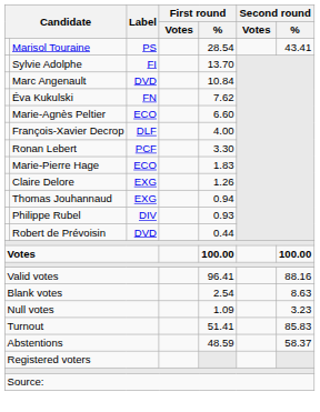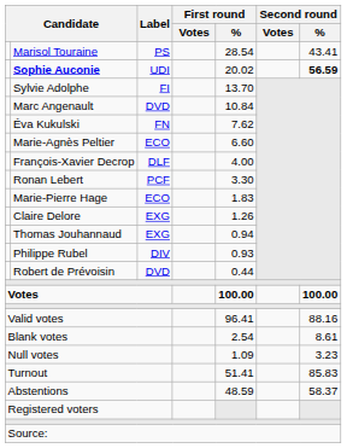 <table class="wikitable" style="text-align:right;font-size:95%;">
 <tr>
 <th rowspan="2" colspan="2">Candidate</th>
 <th rowspan="2">Label</th>
 <th colspan="2">First round</th>
 <th colspan="2">Second round</th>
 </tr>
 <tr>
 <th style="width:50px;">Votes</th>
 <th style="width:45px;">%</th>
 <th style="width:50px;">Votes</th>
 <th style="width:45px;">%</th>
 </tr>
 <tr>
 <td style="color:inherit;background:"></td>
 <td style="text-align:left;"><a href='#'>Marisol Touraine</a></td>
 <td><a href='#'>PS</a></td>
 <td></td>
 <td>28.54</td>
 <td></td>
 <td>43.41</td>
+</tr>
+<tr>
+<td style="color:inherit;background:"></td>
+<td style="text-align:left;"><strong><a href='#'>Sophie Auconie</a></strong></td>
+<td><a href='#'>UDI</a></td>
+<td></td>
+<td>20.02</td>
+<td><strong></strong></td>
+<td><strong>56.59</strong></td>
 </tr>
 <tr>
 <td style="color:inherit;background:"></td>
 <td style="text-align:left;">Sylvie Adolphe</td>
 <td><a href='#'>FI</a></td>
 <td></td>
 <td>13.70</td>
 <td colspan="2" rowspan="11" style="background:#E9E9E9;"></td>
 </tr>
 <tr>
 <td style="color:inherit;background:"></td>
 <td style="text-align:left;">Marc Angenault</td>
 <td><a href='#'>DVD</a></td>
 <td></td>
 <td>10.84</td>
 </tr>
 <tr>
 <td style="color:inherit;background:"></td>
 <td style="text-align:left;">Éva Kukulski</td>
 <td><a href='#'>FN</a></td>
 <td></td>
 <td>7.62</td>
 </tr>
 <tr>
 <td style="color:inherit;background:"></td>
 <td style="text-align:left;">Marie-Agnès Peltier</td>
 <td><a href='#'>ECO</a></td>
 <td></td>
 <td>6.60</td>
 </tr>
 <tr>
 <td style="color:inherit;background:"></td>
 <td style="text-align:left;">François-Xavier Decrop</td>
 <td><a href='#'>DLF</a></td>
 <td></td>
 <td>4.00</td>
 </tr>
 <tr>
 <td style="color:inherit;background:"></td>
 <td style="text-align:left;">Ronan Lebert</td>
 <td><a href='#'>PCF</a></td>
 <td></td>
 <td>3.30</td>
 </tr>
 <tr>
 <td style="color:inherit;background:"></td>
 <td style="text-align:left;">Marie-Pierre Hage</td>
 <td><a href='#'>ECO</a></td>
 <td></td>
 <td>1.83</td>
 </tr>
 <tr>
 <td style="color:inherit;background:"></td>
 <td style="text-align:left;">Claire Delore</td>
 <td><a href='#'>EXG</a></td>
 <td></td>
 <td>1.26</td>
 </tr>
 <tr>
 <td style="color:inherit;background:"></td>
 <td style="text-align:left;">Thomas Jouhannaud</td>
 <td><a href='#'>EXG</a></td>
 <td></td>
 <td>0.94</td>
 </tr>
 <tr>
 <td style="color:inherit;background:"></td>
 <td style="text-align:left;">Philippe Rubel</td>
 <td><a href='#'>DIV</a></td>
 <td></td>
 <td>0.93</td>
 </tr>
 <tr>
 <td style="color:inherit;background:"></td>
 <td style="text-align:left;">Robert de Prévoisin</td>
 <td><a href='#'>DVD</a></td>
 <td></td>
 <td>0.44</td>
 </tr>
 <tr>
 <td colspan="7" style="background:#E9E9E9;"></td>
 </tr>
 <tr style="font-weight:bold;">
 <td colspan="3" style="text-align:left;">Votes</td>
 <td></td>
 <td>100.00</td>
 <td></td>
 <td>100.00</td>
 </tr>
 <tr>
 <td colspan="7" style="background:#E9E9E9;"></td>
 </tr>
 <tr>
 <td colspan="3" style="text-align:left;">Valid votes</td>
 <td></td>
 <td>96.41</td>
 <td></td>
 <td>88.16</td>
 </tr>
 <tr>
 <td colspan="3" style="text-align:left;">Blank votes</td>
 <td></td>
 <td>2.54</td>
 <td></td>
-<td>8.63</td>
+<td>8.61</td>
 </tr>
 <tr>
 <td colspan="3" style="text-align:left;">Null votes</td>
 <td></td>
 <td>1.09</td>
 <td></td>
 <td>3.23</td>
 </tr>
 <tr>
 <td colspan="3" style="text-align:left;">Turnout</td>
 <td></td>
 <td>51.41</td>
 <td></td>
 <td>85.83</td>
 </tr>
 <tr>
 <td colspan="3" style="text-align:left;">Abstentions</td>
 <td></td>
 <td>48.59</td>
 <td></td>
 <td>58.37</td>
 </tr>
 <tr>
 <td colspan="3" style="text-align:left;">Registered voters</td>
 <td></td>
 <td style="color:inherit;background:#E9E9E9;"></td>
 <td></td>
 <td style="color:inherit;background:#E9E9E9;"></td>
 </tr>
 <tr>
 <td colspan="7" style="background:#E9E9E9;"></td>
 </tr>
 <tr>
 <td colspan="7" style="text-align:left;">Source: </td>
 </tr>
 </table>
